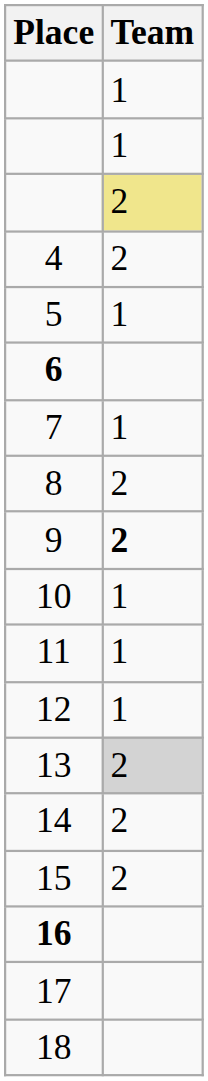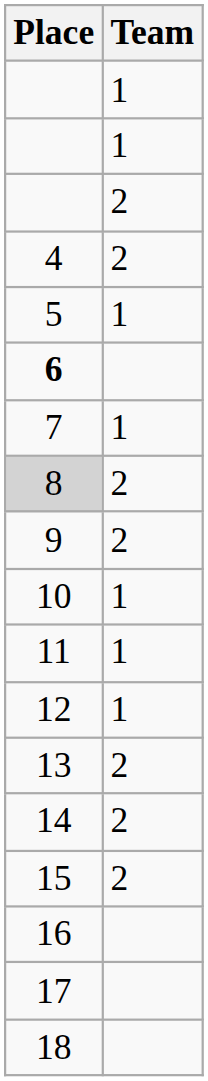 <table class="wikitable">
 <tr>
 <th>Place</th>
 <th>Team</th>
 </tr>
 <tr>
 <td align=center></td>
 <td> 1</td>
 </tr>
 <tr>
 <td align=center></td>
 <td> 1</td>
 </tr>
 <tr>
 <td align=center></td>
-<td style="background: khaki;"> 2</td>
+<td> 2</td>
 </tr>
 <tr>
 <td align=center>4</td>
 <td> 2</td>
 </tr>
 <tr>
 <td align=center>5</td>
 <td> 1</td>
 </tr>
 <tr>
 <td align=center><strong>6</strong></td>
 <td></td>
 </tr>
 <tr>
 <td align=center>7</td>
 <td> 1</td>
 </tr>
 <tr>
-<td align=center>8</td>
+<td align=center style="background: lightgrey;">8</td>
 <td> 2</td>
 </tr>
 <tr>
 <td align=center>9</td>
-<td><strong> 2</strong></td>
+<td> 2</td>
 </tr>
 <tr>
 <td align=center>10</td>
 <td> 1</td>
 </tr>
 <tr>
 <td align=center>11</td>
 <td> 1</td>
 </tr>
 <tr>
 <td align=center>12</td>
 <td> 1</td>
 </tr>
 <tr>
 <td align=center>13</td>
-<td style="background: lightgrey;"> 2</td>
+<td> 2</td>
 </tr>
 <tr>
 <td align=center>14</td>
 <td> 2</td>
 </tr>
 <tr>
 <td align=center>15</td>
 <td> 2</td>
 </tr>
 <tr>
-<td align=center><strong>16</strong></td>
+<td align=center>16</td>
 <td></td>
 </tr>
 <tr>
 <td align=center>17</td>
 <td></td>
 </tr>
 <tr>
 <td align=center>18</td>
 <td></td>
 </tr>
 </table>
